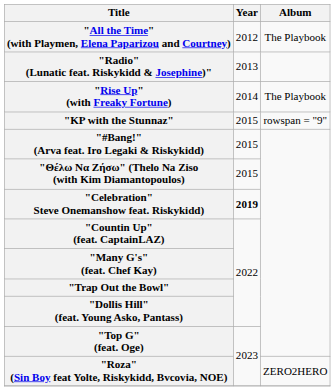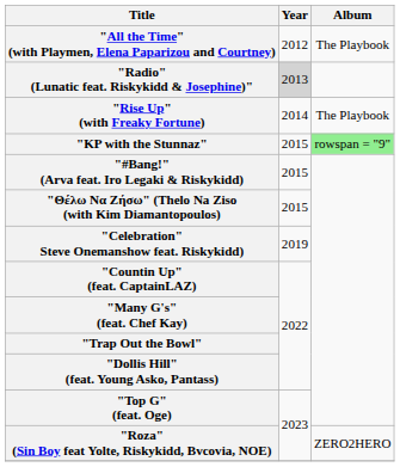 <table class="wikitable plainrowheaders" style="text-align:center;">
 <tr>
 <th scope="col" rowspan="1">Title</th>
 <th scope="col" rowspan="1">Year</th>
 <th scope="col" rowspan="1">Album</th>
 </tr>
 <tr>
 <th scope="row">"<a href='#'>All the Time</a>"<br><span>(with Playmen, <a href='#'>Elena Paparizou</a> and <a href='#'>Courtney</a>)</span></th>
 <td>2012</td>
 <td>The Playbook</td>
 </tr>
 <tr>
 <th scope="row">"Radio"<br><span>(Lunatic feat. Riskykidd & <a href='#'>Josephine</a>)"</span></th>
-<td>2013</td>
+<td style="background: lightgrey;">2013</td>
 <td></td>
 </tr>
 <tr>
 <th scope="row">"<a href='#'>Rise Up</a>"<br><span>(with <a href='#'>Freaky Fortune</a>)</span></th>
 <td>2014</td>
 <td>The Playbook</td>
 </tr>
 <tr>
 <th scope="row">"KP with the Stunnaz"</th>
 <td>2015</td>
-<td>rowspan = "9" </td>
+<td style="background: lightgreen;">rowspan = "9" </td>
 </tr>
 <tr>
 <th scope="row">"#Bang!" <br><span> (Arva feat. Iro Legaki & Riskykidd)</span></th>
 <td>2015</td>
 </tr>
 <tr>
 <th scope="row">"Θέλω Να Ζήσω" (Thelo Na Ziso<br><span> (with Kim Diamantopoulos)</span></th>
 <td rowspan="1">2015</td>
 </tr>
 <tr>
 <th scope="row">"Celebration"<br><span> Steve Onemanshow feat. Riskykidd)</span></th>
-<td><strong>2019</strong></td>
+<td>2019</td>
 </tr>
 <tr>
 <th scope="row">"Countin Up"<br><span> (feat. CaptainLAZ)</span></th>
 <td rowspan="4">2022</td>
 </tr>
 <tr>
 <th scope= "row">"Many G's"<br><span> (feat. Chef Kay)</span></th>
 </tr>
 <tr>
 <th scope= "row">"Trap Out the Bowl"</th>
 </tr>
 <tr>
 <th scope="row">"Dollis Hill" <br><span> (feat. Young Asko, Pantass)</span></th>
 </tr>
 <tr>
 <th scope="row">"Top G" <br><span> (feat. Oge)</span></th>
 <td rowspan="2">2023</td>
 </tr>
 <tr>
 <th scope="row">"Roza" <br><span> (<a href='#'>Sin Boy</a> feat Yolte, Riskykidd, Bvcovia, NOE)</span></th>
 <td>ZERO2HERO</td>
 </tr>
 <tr>
 </tr>
 </table>
